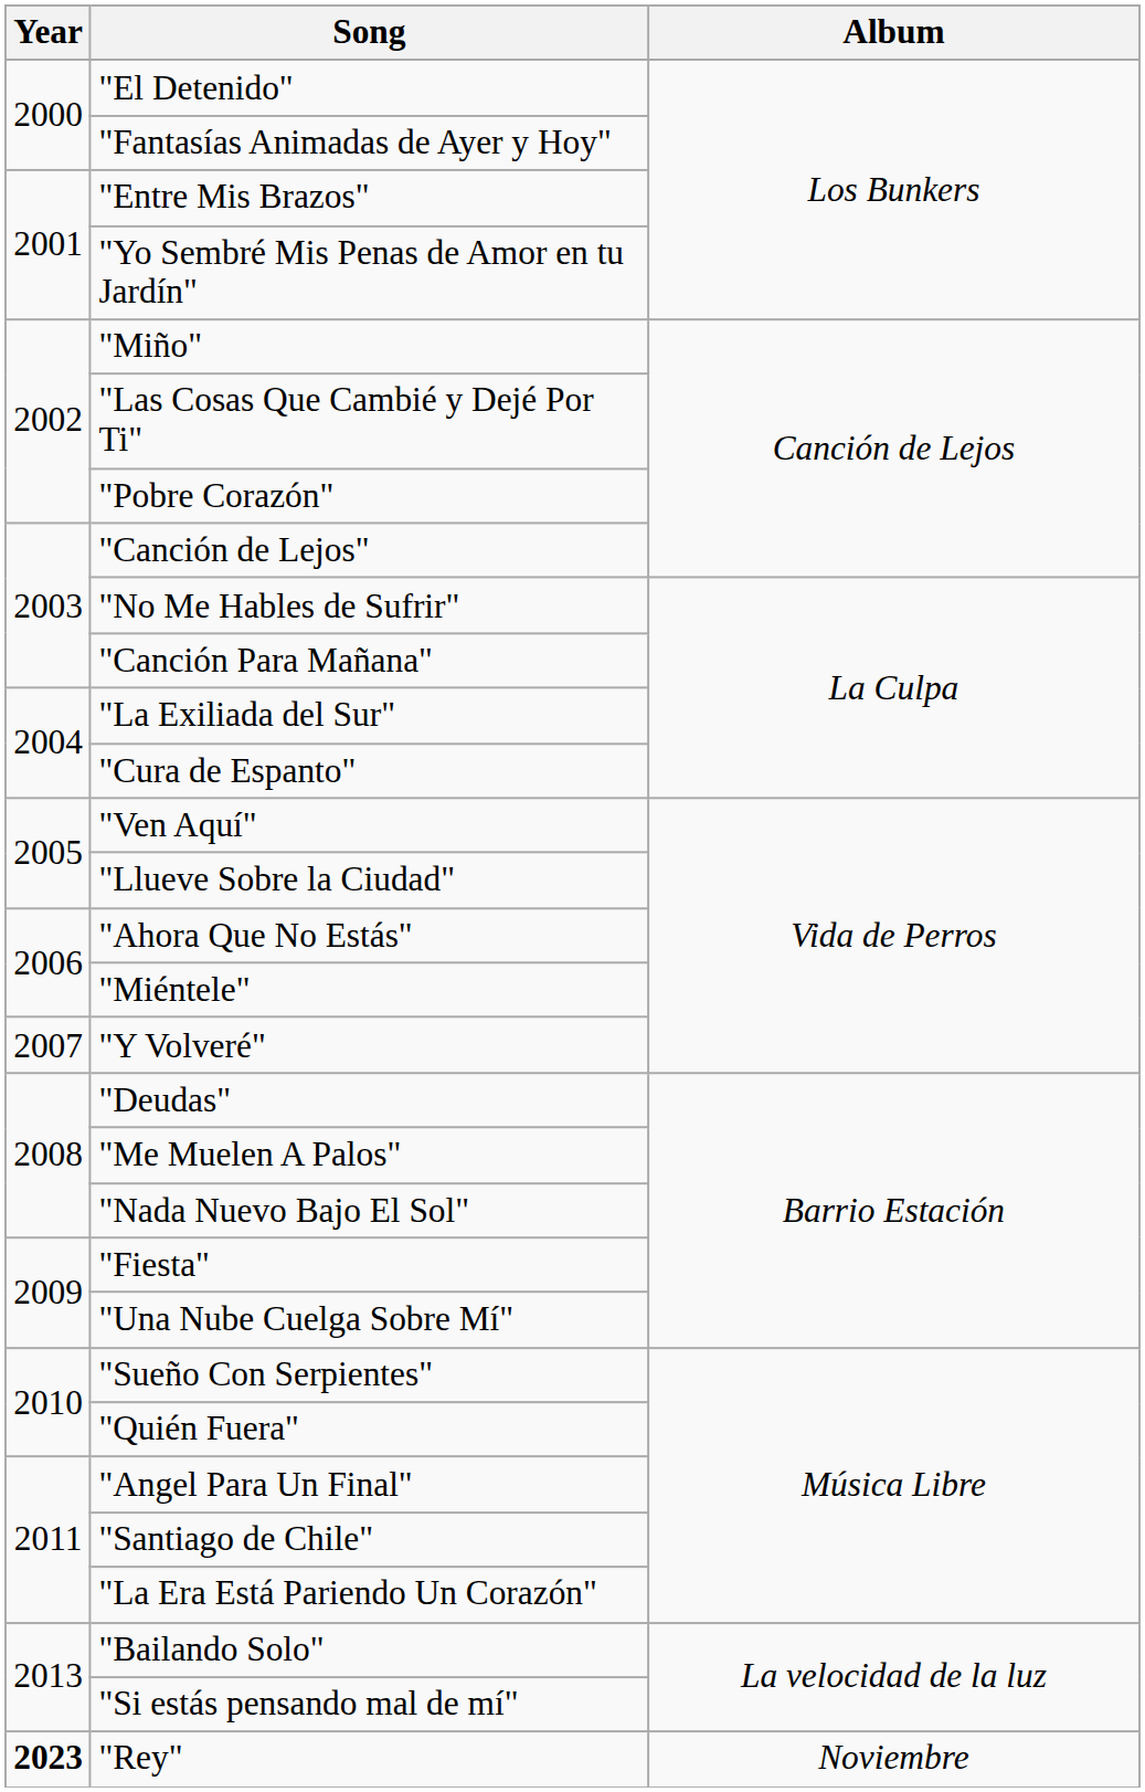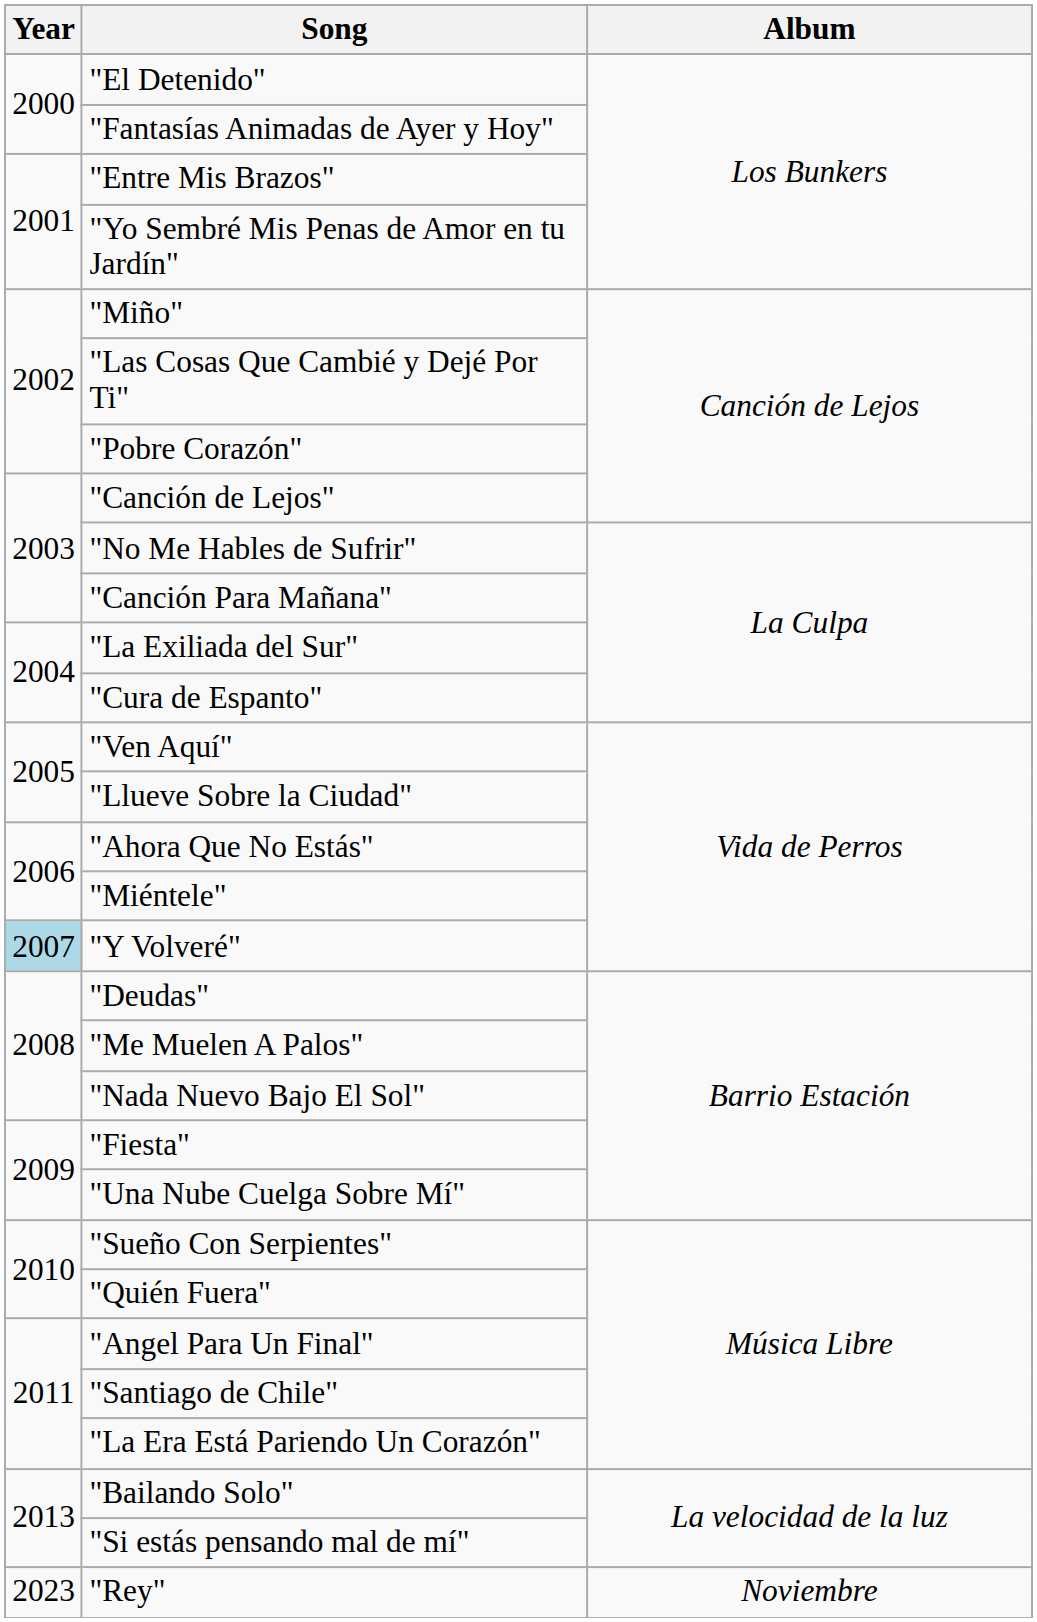 <table class="wikitable">
 <tr>
 <th width="30" rowspan="1">Year</th>
 <th width="250" rowspan="1">Song</th>
 <th width="220" rowspan="1">Album</th>
 </tr>
 <tr>
 </tr>
 <tr>
 <td align="center" rowspan="2">2000</td>
 <td align="left">"El Detenido"</td>
 <td align="center" rowspan="4"><em>Los Bunkers</em></td>
 </tr>
 <tr>
 <td align="left">"Fantasías Animadas de Ayer y Hoy"</td>
 </tr>
 <tr>
 <td align="center" rowspan="2">2001</td>
 <td align="left">"Entre Mis Brazos"</td>
 </tr>
 <tr>
 <td align="left">"Yo Sembré Mis Penas de Amor en tu Jardín"</td>
 </tr>
 <tr>
 <td align="center" rowspan="3">2002</td>
 <td align="left">"Miño"</td>
 <td align="center" rowspan="4"><em>Canción de Lejos</em></td>
 </tr>
 <tr>
 <td align="left">"Las Cosas Que Cambié y Dejé Por Ti"</td>
 </tr>
 <tr>
 <td align="left">"Pobre Corazón"</td>
 </tr>
 <tr>
 <td align="center" rowspan="3">2003</td>
 <td align="left">"Canción de Lejos"</td>
 </tr>
 <tr>
 <td align="left">"No Me Hables de Sufrir"</td>
 <td align="center" rowspan="4"><em>La Culpa</em></td>
 </tr>
 <tr>
 <td align="left">"Canción Para Mañana"</td>
 </tr>
 <tr>
 <td align="center" rowspan="2">2004</td>
 <td align="left">"La Exiliada del Sur"</td>
 </tr>
 <tr>
 <td align="left">"Cura de Espanto"</td>
 </tr>
 <tr>
 <td align="center" rowspan="2">2005</td>
 <td align="left">"Ven Aquí"</td>
 <td align="center" rowspan="5"><em>Vida de Perros</em></td>
 </tr>
 <tr>
 <td align="left">"Llueve Sobre la Ciudad"</td>
 </tr>
 <tr>
 <td align="center" rowspan="2">2006</td>
 <td align="left">"Ahora Que No Estás"</td>
 </tr>
 <tr>
 <td align="left">"Miéntele"</td>
 </tr>
 <tr>
-<td align="center" rowspan="1">2007</td>
+<td align="center" rowspan="1" style="background: lightblue;">2007</td>
 <td align="left">"Y Volveré"</td>
 </tr>
 <tr>
 <td align="center" rowspan="3">2008</td>
 <td align="left">"Deudas"</td>
 <td align="center" rowspan="5"><em>Barrio Estación</em></td>
 </tr>
 <tr>
 <td align="left">"Me Muelen A Palos"</td>
 </tr>
 <tr>
 <td align="left">"Nada Nuevo Bajo El Sol"</td>
 </tr>
 <tr>
 <td align="center" rowspan="2">2009</td>
 <td align="left">"Fiesta"</td>
 </tr>
 <tr>
 <td align="left">"Una Nube Cuelga Sobre Mí"</td>
 </tr>
 <tr>
 <td align="center" rowspan="2">2010</td>
 <td align="left">"Sueño Con Serpientes"</td>
 <td align="center" rowspan="5"><em>Música Libre</em></td>
 </tr>
 <tr>
 <td align="left">"Quién Fuera"</td>
 </tr>
 <tr>
 <td align="center" rowspan="3">2011</td>
 <td align="left">"Angel Para Un Final"</td>
 </tr>
 <tr>
 <td align="left">"Santiago de Chile"</td>
 </tr>
 <tr>
 <td align="left">"La Era Está Pariendo Un Corazón"</td>
 </tr>
 <tr>
 <td rowspan="2" align="center">2013</td>
 <td align="left">"Bailando Solo"</td>
 <td align="center" rowspan="2"><em>La velocidad de la luz</em></td>
 </tr>
 <tr>
 <td align="left">"Si estás pensando mal de mí"</td>
 </tr>
 <tr>
-<td align="center"><strong>2023</strong></td>
+<td align="center">2023</td>
 <td align="left">"Rey"</td>
 <td align="center" rowspan="2"><em>Noviembre</em></td>
 </tr>
 </table>
